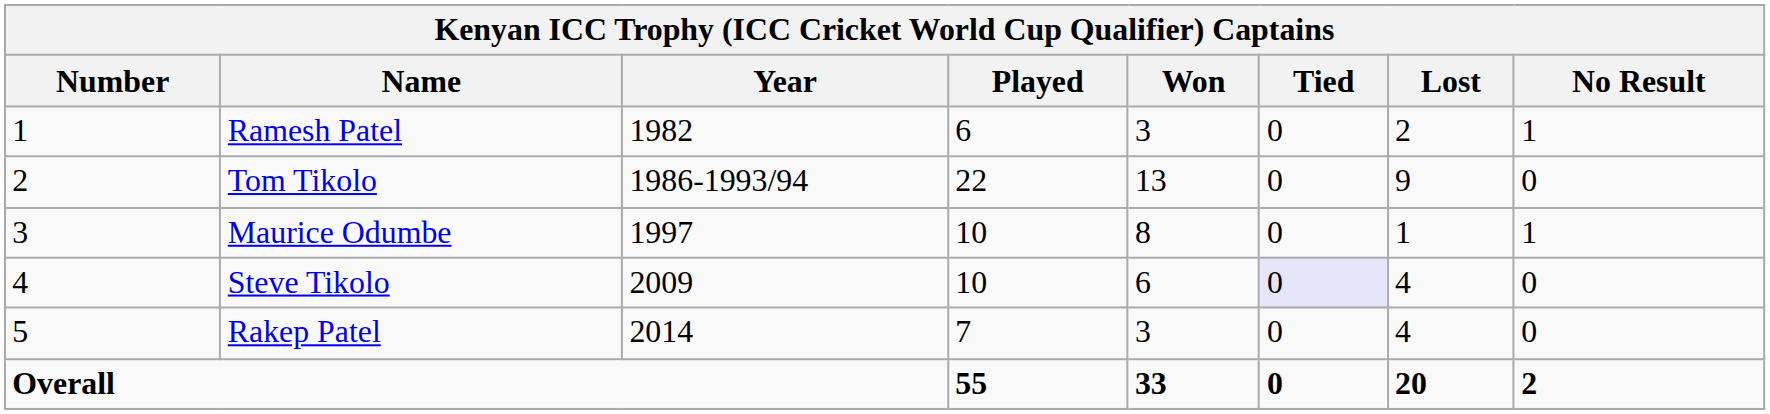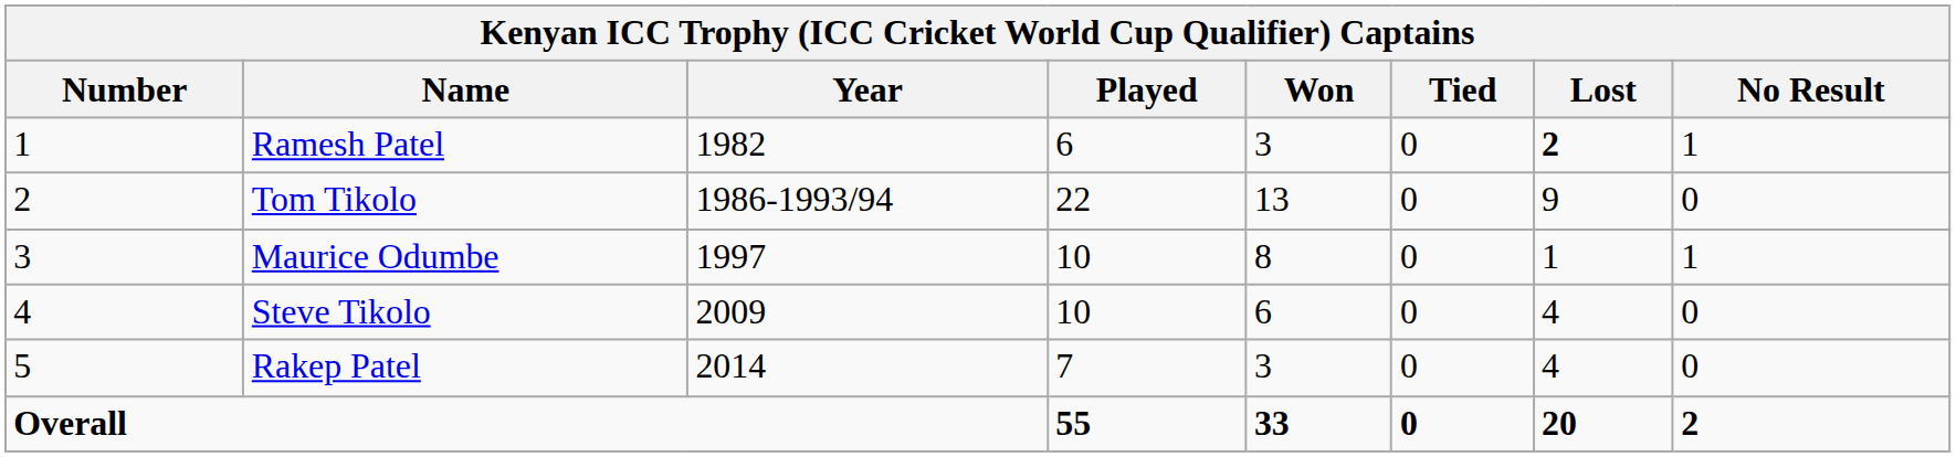 <table class="wikitable" width="70%">
 <tr>
 <th bgcolor="#efefef" colspan=9>Kenyan ICC Trophy (ICC Cricket World Cup Qualifier) Captains</th>
 </tr>
 <tr bgcolor="#efefef">
 <th>Number</th>
 <th>Name</th>
 <th>Year</th>
 <th>Played</th>
 <th>Won</th>
 <th>Tied</th>
 <th>Lost</th>
 <th>No Result</th>
 </tr>
 <tr>
 <td>1</td>
 <td><a href='#'>Ramesh Patel</a></td>
 <td>1982</td>
 <td>6</td>
 <td>3</td>
 <td>0</td>
-<td>2</td>
+<td><strong>2</strong></td>
 <td>1</td>
 </tr>
 <tr>
 <td>2</td>
 <td><a href='#'>Tom Tikolo</a></td>
 <td>1986-1993/94</td>
 <td>22</td>
 <td>13</td>
 <td>0</td>
 <td>9</td>
 <td>0</td>
 </tr>
 <tr>
 <td>3</td>
 <td><a href='#'>Maurice Odumbe</a></td>
 <td>1997</td>
 <td>10</td>
 <td>8</td>
 <td>0</td>
 <td>1</td>
 <td>1</td>
 </tr>
 <tr>
 <td>4</td>
 <td><a href='#'>Steve Tikolo</a></td>
 <td>2009</td>
 <td>10</td>
 <td>6</td>
-<td style="background: lavender;">0</td>
+<td>0</td>
 <td>4</td>
 <td>0</td>
 </tr>
 <tr>
 <td>5</td>
 <td><a href='#'>Rakep Patel</a></td>
 <td>2014</td>
 <td>7</td>
 <td>3</td>
 <td>0</td>
 <td>4</td>
 <td>0</td>
 </tr>
 <tr>
 <td colspan=3><strong>Overall</strong></td>
 <td><strong>55</strong></td>
 <td><strong>33</strong></td>
 <td><strong>0</strong></td>
 <td><strong>20</strong></td>
 <td><strong>2</strong></td>
 </tr>
 </table>
